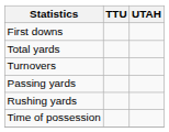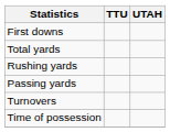 <table class="wikitable" style="float: left;">
 <tr>
 <th>Statistics</th>
 <th>TTU</th>
 <th>UTAH</th>
 </tr>
 <tr>
 <td>First downs</td>
 <td></td>
 <td></td>
 </tr>
 <tr>
 <td>Total yards</td>
 <td></td>
 <td></td>
 </tr>
 <tr>
-<td>Turnovers</td>
+<td>Rushing yards</td>
 <td></td>
 <td></td>
 </tr>
 <tr>
 <td>Passing yards</td>
 <td></td>
 <td></td>
 </tr>
 <tr>
-<td>Rushing yards</td>
+<td>Turnovers</td>
 <td></td>
 <td></td>
 </tr>
 <tr>
 <td>Time of possession</td>
 <td></td>
 <td></td>
 </tr>
 <tr>
 </tr>
 </table>
